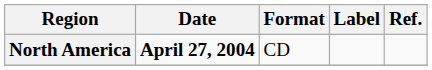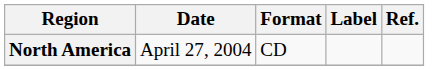 <table class="wikitable plainrowheaders">
 <tr>
 <th scope="col">Region</th>
 <th scope="col">Date</th>
 <th scope="col">Format</th>
 <th scope="col">Label</th>
 <th scope="col">Ref.</th>
 </tr>
 <tr>
 <th scope="row">North America</th>
-<td><strong>April 27, 2004</strong></td>
+<td>April 27, 2004</td>
 <td>CD</td>
 <td></td>
 <td></td>
 </tr>
 <tr>
 </tr>
 </table>
